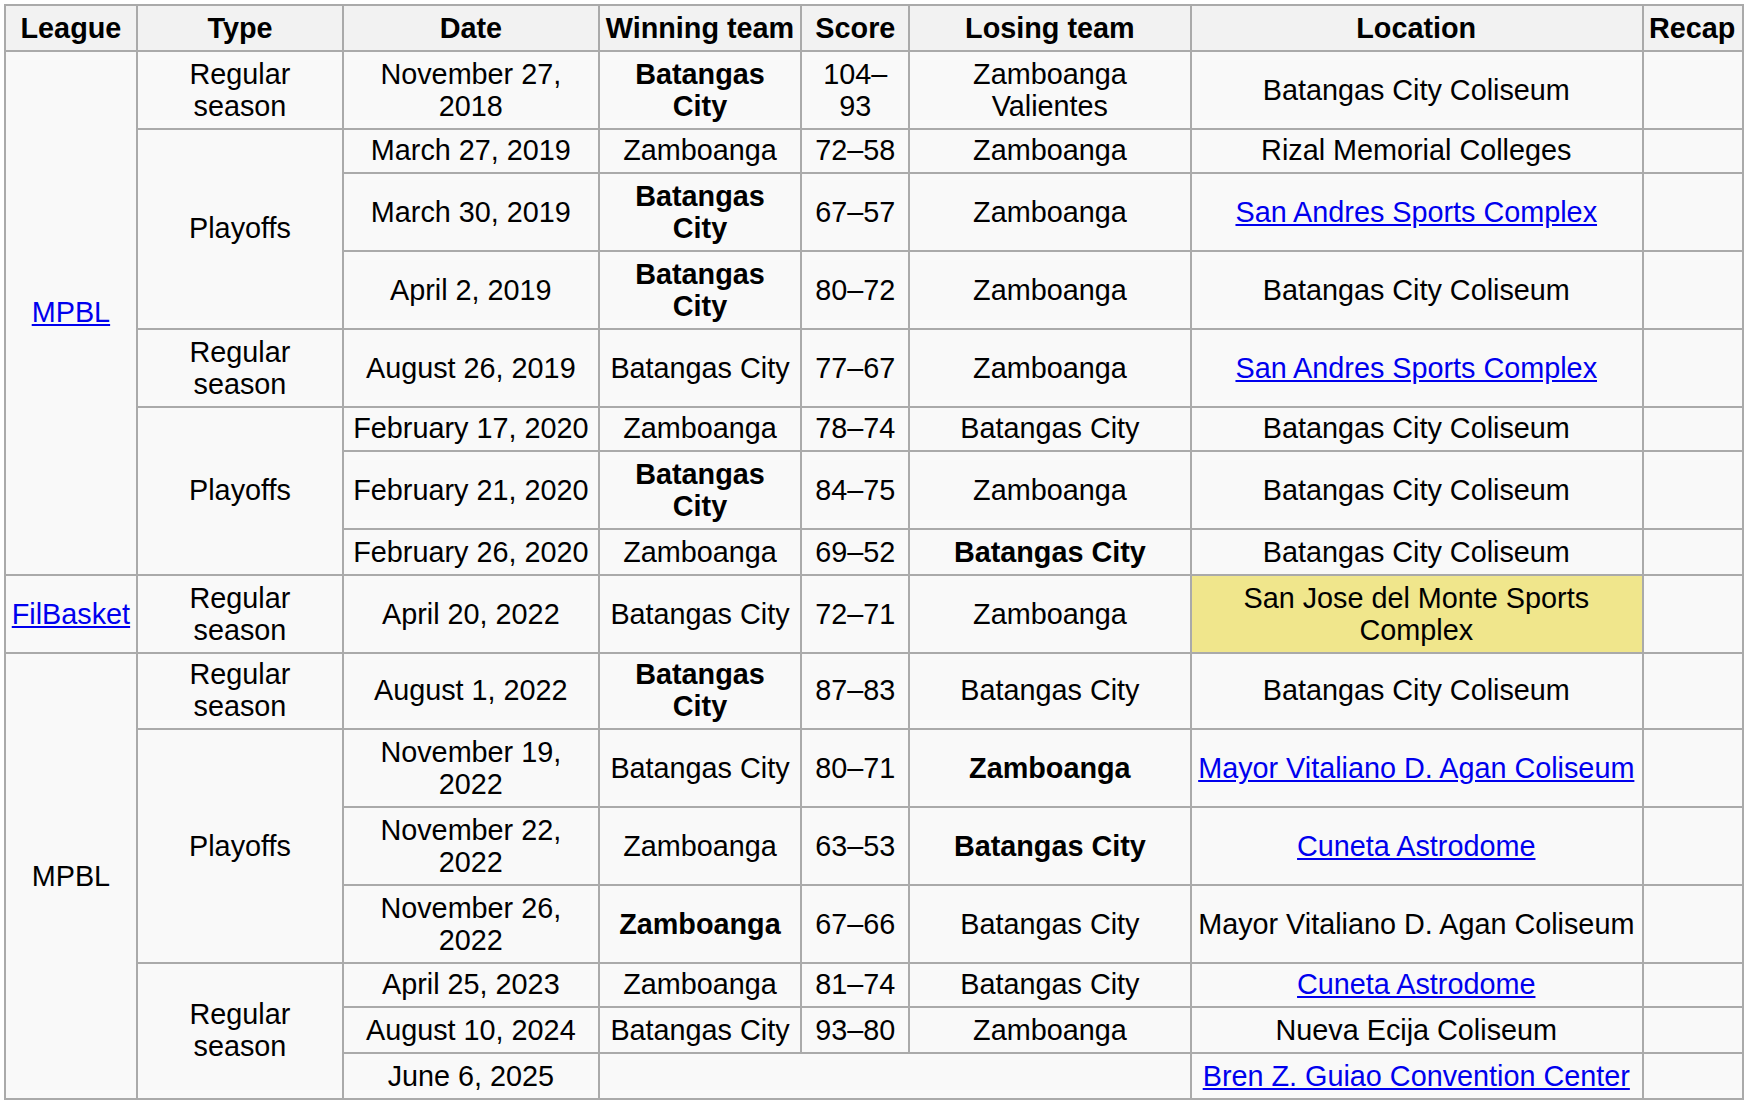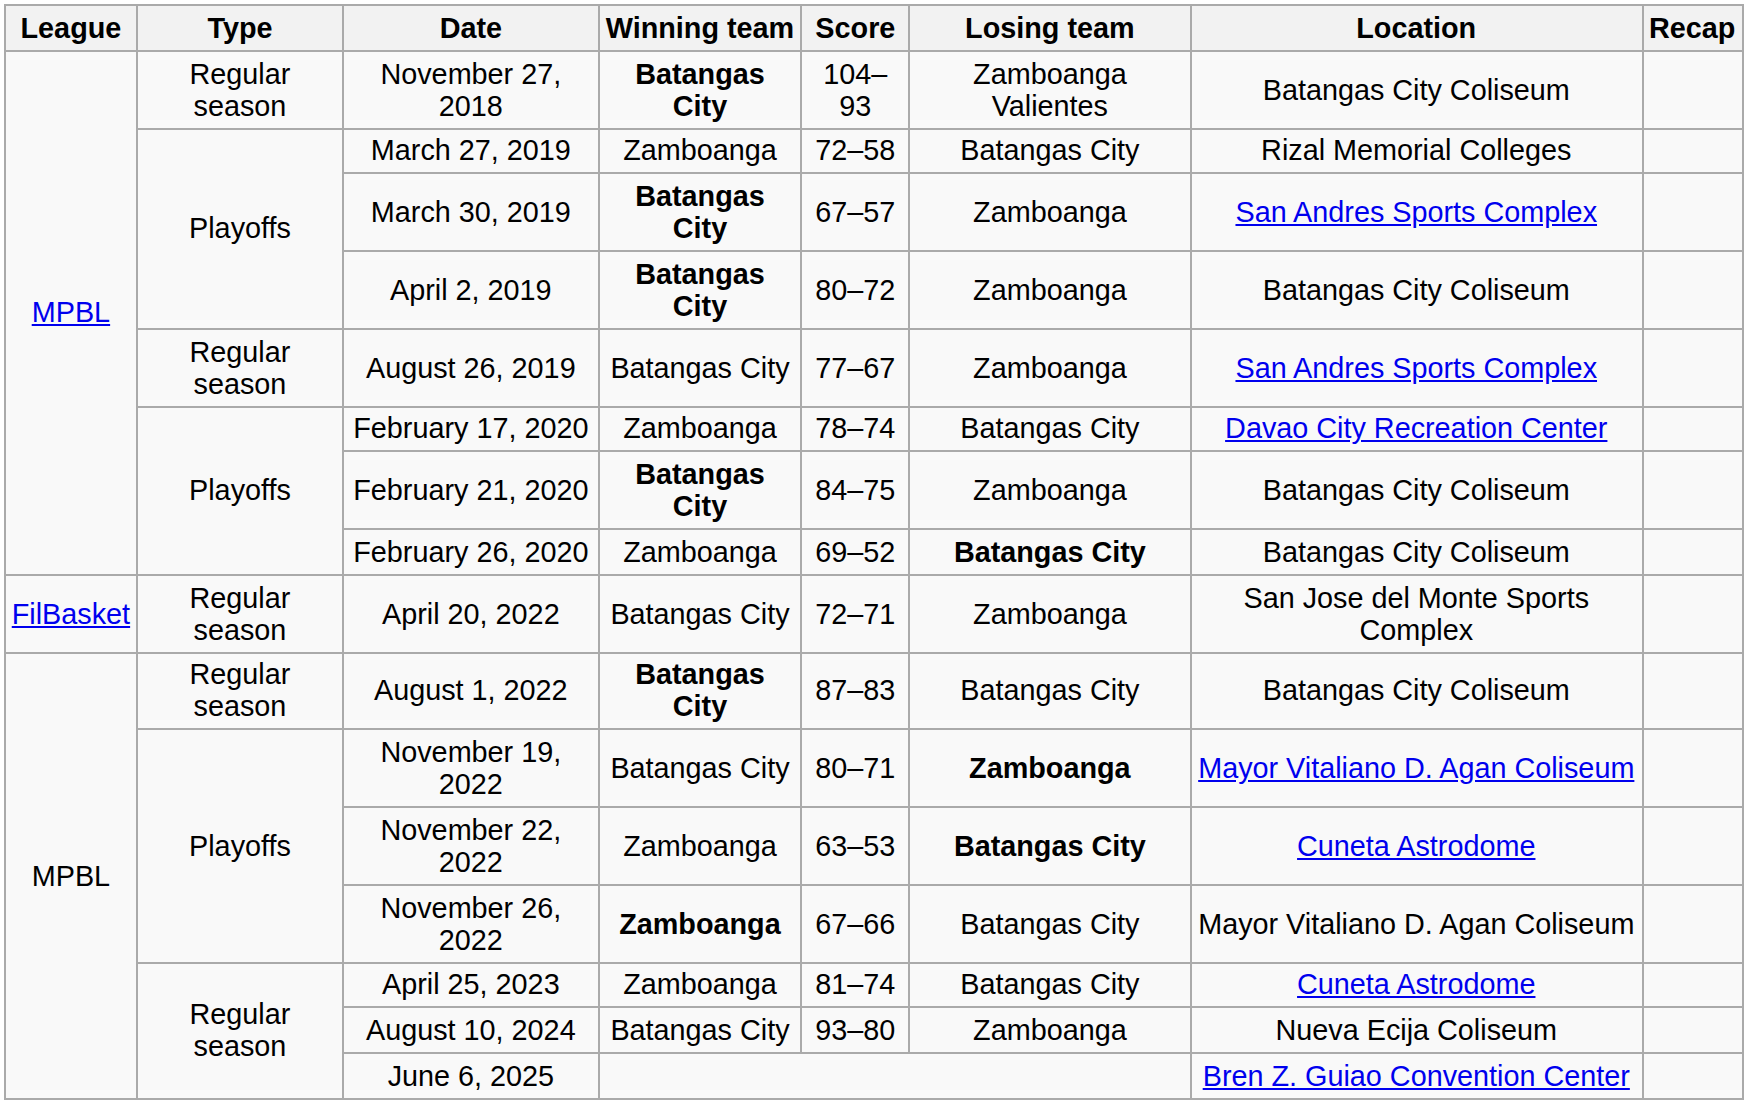 <table class="wikitable sortable" style="text-align:center; font-size:90%">
 <tr>
 <th>League</th>
 <th>Type</th>
 <th>Date</th>
 <th>Winning team</th>
 <th>Score</th>
 <th>Losing team</th>
 <th>Location</th>
 <th class="unsortable">Recap<br></th>
 </tr>
 <tr>
 <td rowspan=8><a href='#'>MPBL</a></td>
 <td>Regular season</td>
 <td>November 27, 2018</td>
 <td><strong>Batangas City</strong></td>
 <td>104–93</td>
 <td>Zamboanga Valientes</td>
 <td>Batangas City Coliseum</td>
 <td></td>
 </tr>
 <tr>
 <td rowspan=3>Playoffs</td>
 <td>March 27, 2019</td>
 <td>Zamboanga</td>
 <td>72–58</td>
-<td>Zamboanga</td>
+<td>Batangas City</td>
 <td>Rizal Memorial Colleges</td>
 <td></td>
 </tr>
 <tr>
 <td>March 30, 2019</td>
 <td><strong>Batangas City</strong></td>
 <td>67–57</td>
 <td>Zamboanga</td>
 <td><a href='#'>San Andres Sports Complex</a></td>
 <td></td>
 </tr>
 <tr>
 <td>April 2, 2019</td>
 <td><strong>Batangas City</strong></td>
 <td>80–72</td>
 <td>Zamboanga</td>
 <td>Batangas City Coliseum</td>
 <td><br></td>
 </tr>
 <tr>
 <td>Regular season</td>
 <td>August 26, 2019</td>
 <td>Batangas City</td>
 <td>77–67</td>
 <td>Zamboanga</td>
 <td><a href='#'>San Andres Sports Complex</a></td>
 <td></td>
 </tr>
 <tr>
 <td rowspan=3>Playoffs</td>
 <td>February 17, 2020</td>
 <td>Zamboanga</td>
 <td>78–74</td>
 <td>Batangas City</td>
-<td>Batangas City Coliseum</td>
+<td><a href='#'>Davao City Recreation Center</a></td>
 <td></td>
 </tr>
 <tr>
 <td>February 21, 2020</td>
 <td><strong>Batangas City</strong></td>
 <td>84–75</td>
 <td>Zamboanga</td>
 <td>Batangas City Coliseum</td>
 <td></td>
 </tr>
 <tr>
 <td>February 26, 2020</td>
 <td>Zamboanga</td>
 <td>69–52</td>
 <td><strong>Batangas City</strong></td>
 <td>Batangas City Coliseum</td>
 <td><br></td>
 </tr>
 <tr>
 <td><a href='#'>FilBasket</a></td>
 <td>Regular season</td>
 <td>April 20, 2022</td>
 <td>Batangas City</td>
 <td>72–71</td>
 <td>Zamboanga</td>
-<td style="background: khaki;">San Jose del Monte Sports Complex</td>
+<td>San Jose del Monte Sports Complex</td>
 <td><br></td>
 </tr>
 <tr>
 <td rowspan=7>MPBL</td>
 <td>Regular season</td>
 <td>August 1, 2022</td>
 <td><strong>Batangas City</strong></td>
 <td>87–83</td>
 <td>Batangas City</td>
 <td>Batangas City Coliseum</td>
 <td></td>
 </tr>
 <tr>
 <td rowspan=3>Playoffs</td>
 <td>November 19, 2022</td>
 <td>Batangas City</td>
 <td>80–71</td>
 <td><strong>Zamboanga</strong></td>
 <td><a href='#'>Mayor Vitaliano D. Agan Coliseum</a></td>
 <td></td>
 </tr>
 <tr>
 <td>November 22, 2022</td>
 <td>Zamboanga</td>
 <td>63–53</td>
 <td><strong>Batangas City</strong></td>
 <td><a href='#'>Cuneta Astrodome</a></td>
 <td></td>
 </tr>
 <tr>
 <td>November 26, 2022</td>
 <td><strong>Zamboanga</strong></td>
 <td>67–66</td>
 <td>Batangas City</td>
 <td>Mayor Vitaliano D. Agan Coliseum</td>
 <td><br></td>
 </tr>
 <tr>
 <td rowspan=3>Regular season</td>
 <td>April 25, 2023</td>
 <td>Zamboanga</td>
 <td>81–74</td>
 <td>Batangas City</td>
 <td><a href='#'>Cuneta Astrodome</a></td>
 <td><br></td>
 </tr>
 <tr>
 <td>August 10, 2024</td>
 <td>Batangas City</td>
 <td>93–80</td>
 <td>Zamboanga</td>
 <td>Nueva Ecija Coliseum</td>
 <td><br></td>
 </tr>
 <tr>
 <td>June 6, 2025</td>
 <td colspan=3></td>
 <td><a href='#'>Bren Z. Guiao Convention Center</a></td>
 <td></td>
 </tr>
 </table>
